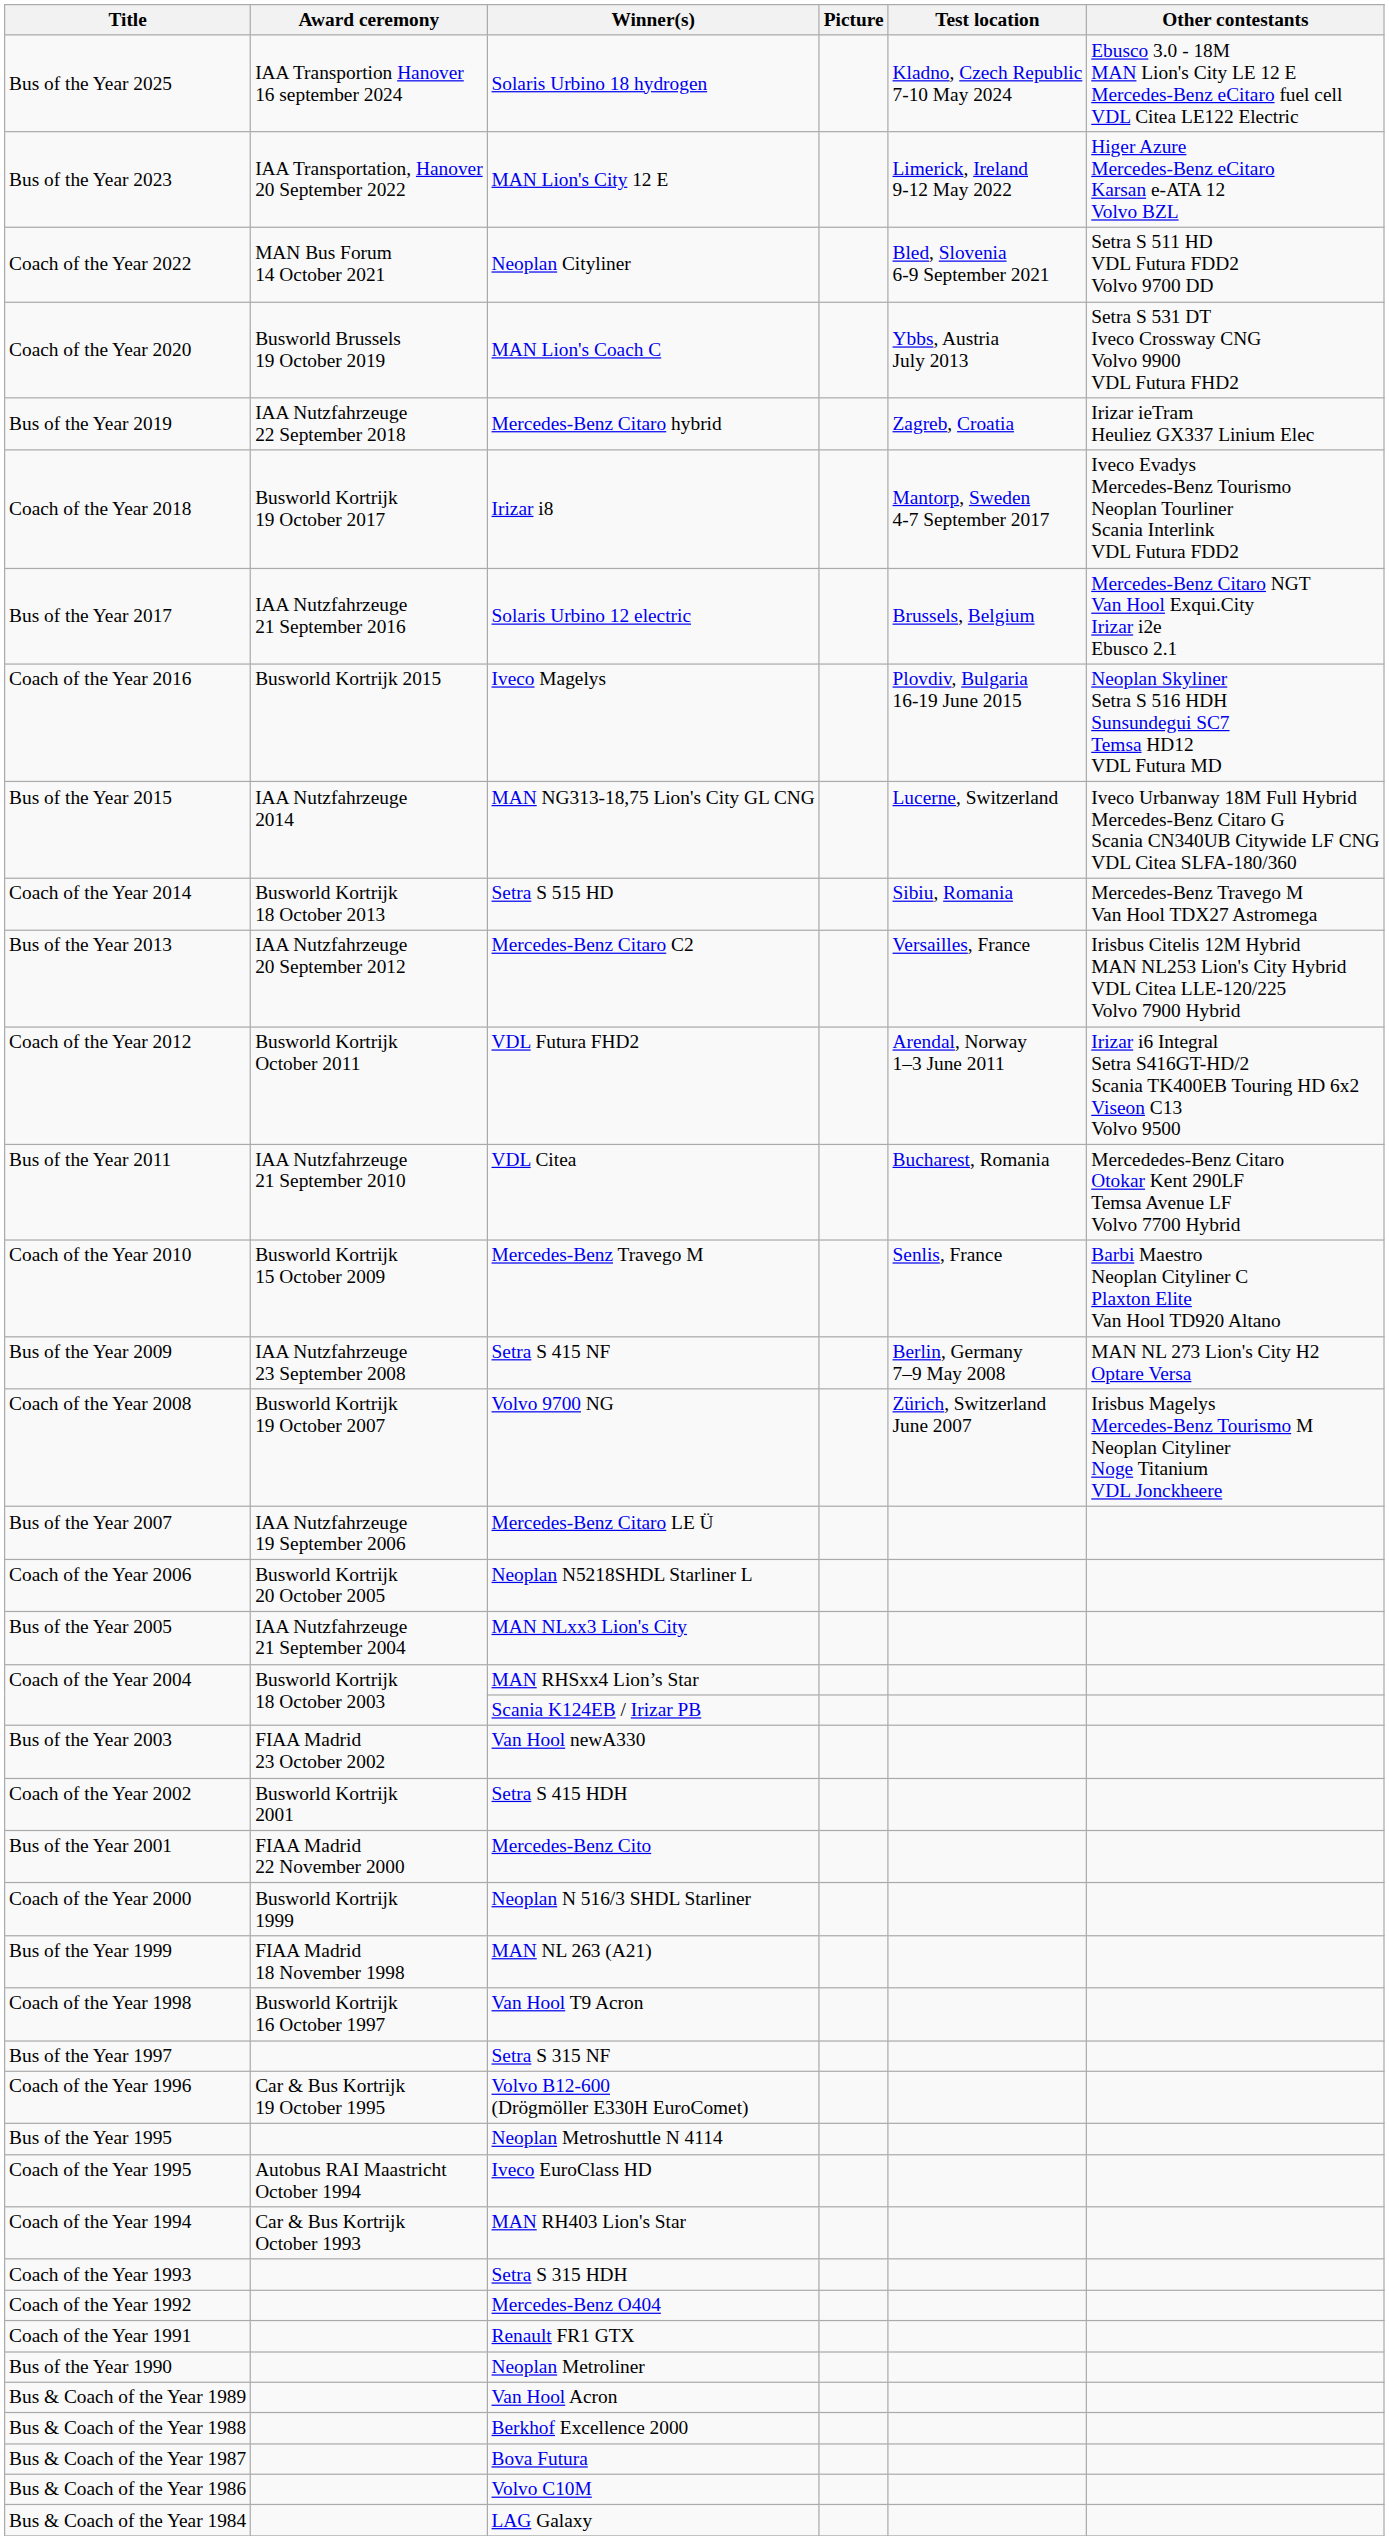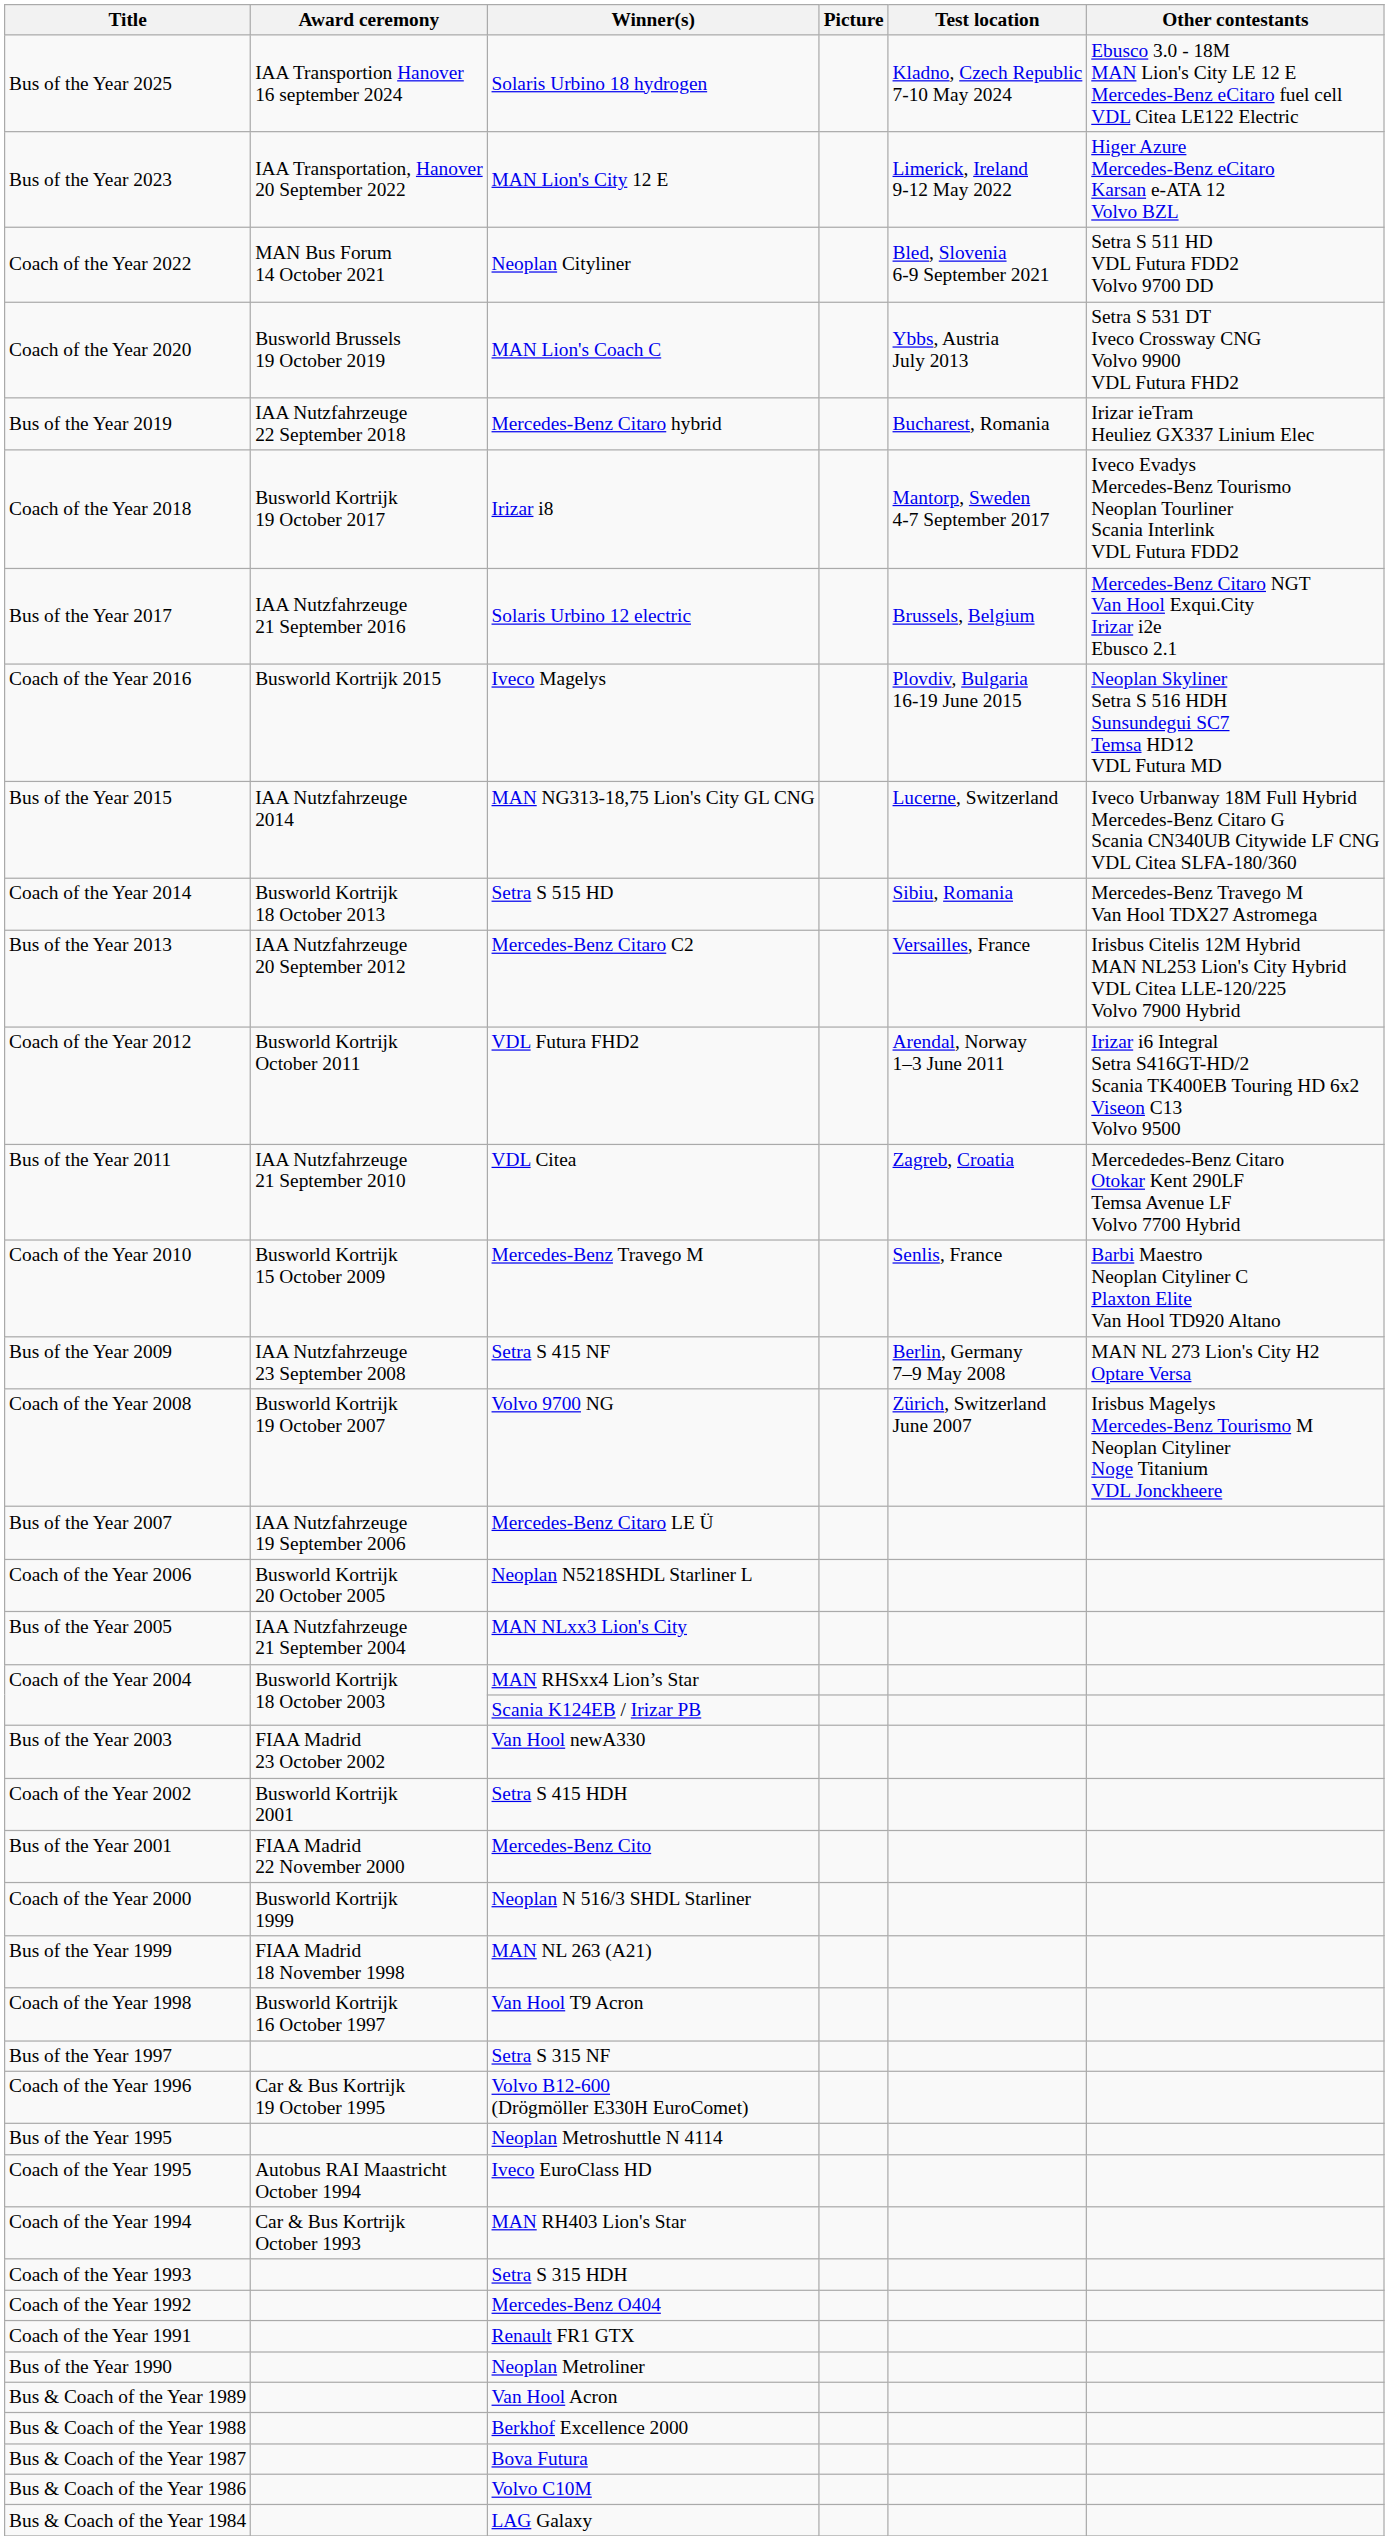 <table class="wikitable">
 <tr>
 <th>Title</th>
 <th>Award ceremony</th>
 <th>Winner(s)</th>
 <th>Picture</th>
 <th>Test location</th>
 <th>Other contestants</th>
 </tr>
 <tr>
 <td>Bus of the Year 2025</td>
 <td>IAA Transportion <a href='#'>Hanover</a><br>16 september  2024</td>
 <td><a href='#'>Solaris Urbino 18 hydrogen</a></td>
 <td></td>
 <td><a href='#'>Kladno</a>, <a href='#'>Czech Republic</a><br>7-10 May 2024</td>
 <td><a href='#'>Ebusco</a> 3.0 - 18M<br><a href='#'>MAN</a> Lion's City LE 12 E<br><a href='#'>Mercedes-Benz eCitaro</a>  fuel cell<br><a href='#'>VDL</a> Citea LE122 Electric</td>
 </tr>
 <tr>
 <td>Bus of the Year 2023</td>
 <td>IAA Transportation, <a href='#'>Hanover</a><br>20 September 2022</td>
 <td><a href='#'>MAN Lion's City</a> 12 E</td>
 <td></td>
 <td><a href='#'>Limerick</a>, <a href='#'>Ireland</a><br>9-12 May 2022</td>
 <td><a href='#'>Higer Azure</a><br><a href='#'>Mercedes-Benz eCitaro</a><br><a href='#'>Karsan</a> e-ATA 12<br><a href='#'>Volvo BZL</a></td>
 </tr>
 <tr>
 <td>Coach of the Year 2022</td>
 <td>MAN Bus Forum<br>14 October 2021</td>
 <td><a href='#'>Neoplan</a> Cityliner</td>
 <td></td>
 <td><a href='#'>Bled</a>, <a href='#'>Slovenia</a><br>6-9 September 2021</td>
 <td>Setra S 511 HD<br>VDL Futura FDD2<br>Volvo 9700 DD</td>
 </tr>
 <tr>
 <td>Coach of the Year 2020</td>
 <td>Busworld Brussels<br>19 October 2019</td>
 <td><a href='#'>MAN Lion's Coach C</a></td>
 <td></td>
 <td><a href='#'>Ybbs</a>, Austria<br>July 2013</td>
 <td>Setra S 531 DT<br>Iveco Crossway CNG<br>Volvo 9900<br>VDL Futura FHD2</td>
 </tr>
 <tr>
 <td>Bus of the Year 2019</td>
 <td>IAA Nutzfahrzeuge <br> 22 September 2018</td>
 <td><a href='#'>Mercedes-Benz Citaro</a> hybrid</td>
 <td></td>
-<td><a href='#'>Zagreb</a>, <a href='#'>Croatia</a></td>
+<td><a href='#'>Bucharest</a>, Romania</td>
 <td>Irizar ieTram <br> Heuliez GX337 Linium Elec</td>
 </tr>
 <tr>
 <td>Coach of the Year 2018</td>
 <td>Busworld Kortrijk <br> 19 October 2017</td>
 <td><a href='#'>Irizar</a> i8</td>
 <td></td>
 <td><a href='#'>Mantorp</a>, <a href='#'>Sweden</a> <br>4-7 September 2017</td>
 <td>Iveco Evadys <br>Mercedes-Benz Tourismo <br>Neoplan Tourliner <br>Scania Interlink <br>VDL Futura FDD2</td>
 </tr>
 <tr>
 <td>Bus of the Year 2017</td>
 <td>IAA Nutzfahrzeuge<br>21 September 2016</td>
 <td><a href='#'>Solaris Urbino 12 electric</a></td>
 <td></td>
 <td><a href='#'>Brussels</a>, <a href='#'>Belgium</a></td>
 <td><a href='#'>Mercedes-Benz Citaro</a> NGT<br><a href='#'>Van Hool</a> Exqui.City<br><a href='#'>Irizar</a> i2e<br>Ebusco 2.1</td>
 </tr>
 <tr valign="top">
 <td>Coach of the Year 2016</td>
 <td>Busworld Kortrijk 2015</td>
 <td><a href='#'>Iveco</a> Magelys</td>
 <td></td>
 <td><a href='#'>Plovdiv</a>, <a href='#'>Bulgaria</a><br>16-19 June 2015</td>
 <td><a href='#'>Neoplan Skyliner</a><br>Setra S 516 HDH<br><a href='#'>Sunsundegui SC7</a><br><a href='#'>Temsa</a> HD12<br>VDL Futura MD</td>
 </tr>
 <tr valign="top">
 <td>Bus of the Year 2015</td>
 <td>IAA Nutzfahrzeuge<br>2014</td>
 <td><a href='#'>MAN</a> NG313-18,75 Lion's City GL CNG</td>
 <td></td>
 <td><a href='#'>Lucerne</a>, Switzerland</td>
 <td>Iveco Urbanway 18M Full Hybrid<br>Mercedes-Benz Citaro G<br>Scania CN340UB Citywide LF CNG<br>VDL Citea SLFA-180/360</td>
 </tr>
 <tr valign="top">
 <td>Coach of the Year 2014</td>
 <td>Busworld Kortrijk<br>18 October 2013</td>
 <td><a href='#'>Setra</a> S 515 HD</td>
 <td></td>
 <td><a href='#'>Sibiu</a>, <a href='#'>Romania</a></td>
 <td>Mercedes-Benz Travego M<br>Van Hool TDX27 Astromega</td>
 </tr>
 <tr valign="top">
 <td>Bus of the Year 2013</td>
 <td>IAA Nutzfahrzeuge<br>20 September 2012</td>
 <td><a href='#'>Mercedes-Benz Citaro</a> C2</td>
 <td></td>
 <td><a href='#'>Versailles</a>, France</td>
 <td>Irisbus Citelis 12M Hybrid<br>MAN NL253 Lion's City Hybrid<br>VDL Citea LLE-120/225<br>Volvo 7900 Hybrid</td>
 </tr>
 <tr valign="top">
 <td>Coach of the Year 2012</td>
 <td>Busworld Kortrijk<br>October 2011</td>
 <td><a href='#'>VDL</a> Futura FHD2</td>
 <td></td>
 <td><a href='#'>Arendal</a>, Norway<br>1–3 June 2011</td>
 <td><a href='#'>Irizar</a> i6 Integral<br>Setra S416GT-HD/2<br>Scania TK400EB Touring HD 6x2<br><a href='#'>Viseon</a> C13<br>Volvo 9500</td>
 </tr>
 <tr valign="top">
 <td>Bus of the Year 2011</td>
 <td>IAA Nutzfahrzeuge<br>21 September 2010</td>
 <td><a href='#'>VDL</a> Citea</td>
 <td></td>
-<td><a href='#'>Bucharest</a>, Romania</td>
+<td><a href='#'>Zagreb</a>, <a href='#'>Croatia</a></td>
 <td>Mercededes-Benz Citaro<br><a href='#'>Otokar</a> Kent 290LF<br>Temsa Avenue LF<br>Volvo 7700 Hybrid</td>
 </tr>
 <tr valign="top">
 <td>Coach of the Year 2010</td>
 <td>Busworld Kortrijk<br>15 October 2009</td>
 <td><a href='#'>Mercedes-Benz</a> Travego M</td>
 <td></td>
 <td><a href='#'>Senlis</a>, France</td>
 <td><a href='#'>Barbi</a> Maestro<br>Neoplan Cityliner C<br><a href='#'>Plaxton Elite</a><br>Van Hool TD920 Altano</td>
 </tr>
 <tr valign="top">
 <td>Bus of the Year 2009</td>
 <td>IAA Nutzfahrzeuge<br>23 September 2008</td>
 <td><a href='#'>Setra</a> S 415 NF</td>
 <td></td>
 <td><a href='#'>Berlin</a>, Germany<br>7–9 May 2008</td>
 <td>MAN NL 273 Lion's City H2<br><a href='#'>Optare Versa</a></td>
 </tr>
 <tr valign="top">
 <td>Coach of the Year 2008</td>
 <td>Busworld Kortrijk<br>19 October 2007</td>
 <td><a href='#'>Volvo 9700</a> NG</td>
 <td></td>
 <td><a href='#'>Zürich</a>, Switzerland<br>June 2007</td>
 <td>Irisbus Magelys<br><a href='#'>Mercedes-Benz Tourismo</a> M<br>Neoplan Cityliner<br><a href='#'>Noge</a> Titanium<br><a href='#'>VDL Jonckheere</a></td>
 </tr>
 <tr valign="top">
 <td>Bus of the Year 2007</td>
 <td>IAA Nutzfahrzeuge<br>19 September 2006</td>
 <td><a href='#'>Mercedes-Benz Citaro</a> LE Ü</td>
 <td></td>
 <td></td>
 <td></td>
 </tr>
 <tr valign="top">
 <td>Coach of the Year 2006</td>
 <td>Busworld Kortrijk<br>20 October 2005</td>
 <td><a href='#'>Neoplan</a> N5218SHDL Starliner L</td>
 <td></td>
 <td></td>
 <td></td>
 </tr>
 <tr valign="top">
 <td>Bus of the Year 2005</td>
 <td>IAA Nutzfahrzeuge<br>21 September 2004</td>
 <td><a href='#'>MAN NLxx3 Lion's City</a></td>
 <td></td>
 <td></td>
 <td></td>
 </tr>
 <tr valign="top">
 <td rowspan="2">Coach of the Year 2004</td>
 <td rowspan="2">Busworld Kortrijk<br>18 October 2003</td>
 <td><a href='#'>MAN</a> RHSxx4 Lion’s Star</td>
 <td></td>
 <td></td>
 <td></td>
 </tr>
 <tr valign="top">
 <td><a href='#'>Scania K124EB</a> / <a href='#'>Irizar PB</a></td>
 <td></td>
 <td></td>
 <td></td>
 </tr>
 <tr valign="top">
 <td>Bus of the Year 2003</td>
 <td>FIAA Madrid<br>23 October 2002</td>
 <td><a href='#'>Van Hool</a> newA330</td>
 <td></td>
 <td></td>
 <td></td>
 </tr>
 <tr valign="top">
 <td>Coach of the Year 2002</td>
 <td>Busworld Kortrijk<br>2001</td>
 <td><a href='#'>Setra</a> S 415 HDH</td>
 <td></td>
 <td></td>
 <td></td>
 </tr>
 <tr valign="top">
 <td>Bus of the Year 2001</td>
 <td>FIAA Madrid<br>22 November 2000</td>
 <td><a href='#'>Mercedes-Benz Cito</a></td>
 <td></td>
 <td></td>
 <td></td>
 </tr>
 <tr valign="top">
 <td>Coach of the Year 2000</td>
 <td>Busworld Kortrijk<br>1999</td>
 <td><a href='#'>Neoplan</a> N 516/3 SHDL Starliner</td>
 <td></td>
 <td></td>
 <td></td>
 </tr>
 <tr valign="top">
 <td>Bus of the Year 1999</td>
 <td>FIAA Madrid<br>18 November 1998</td>
 <td><a href='#'>MAN</a> NL 263 (A21)</td>
 <td></td>
 <td></td>
 <td></td>
 </tr>
 <tr valign="top">
 <td>Coach of the Year 1998</td>
 <td>Busworld Kortrijk<br>16 October 1997</td>
 <td><a href='#'>Van Hool</a> T9 Acron</td>
 <td></td>
 <td></td>
 <td></td>
 </tr>
 <tr valign="top">
 <td>Bus of the Year 1997</td>
 <td></td>
 <td><a href='#'>Setra</a> S 315 NF</td>
 <td></td>
 <td></td>
 <td></td>
 </tr>
 <tr valign="top">
 <td>Coach of the Year 1996</td>
 <td>Car & Bus Kortrijk <br>19 October 1995</td>
 <td><a href='#'>Volvo B12-600</a><br>(Drögmöller E330H EuroComet)</td>
 <td></td>
 <td></td>
 <td></td>
 </tr>
 <tr valign="top">
 <td>Bus of the Year 1995</td>
 <td></td>
 <td><a href='#'>Neoplan</a> Metroshuttle N 4114</td>
 <td></td>
 <td></td>
 <td></td>
 </tr>
 <tr valign="top">
 <td>Coach of the Year 1995</td>
 <td>Autobus RAI Maastricht <br>October 1994</td>
 <td><a href='#'>Iveco</a> EuroClass HD</td>
 <td></td>
 <td></td>
 <td></td>
 </tr>
 <tr valign="top">
 <td>Coach of the Year 1994</td>
 <td>Car & Bus Kortrijk <br>October 1993</td>
 <td><a href='#'>MAN</a> RH403 Lion's Star</td>
 <td></td>
 <td></td>
 <td></td>
 </tr>
 <tr valign="top">
 <td>Coach of the Year 1993</td>
 <td></td>
 <td><a href='#'>Setra</a> S 315 HDH</td>
 <td></td>
 <td></td>
 <td></td>
 </tr>
 <tr valign="top">
 <td>Coach of the Year 1992</td>
 <td></td>
 <td><a href='#'>Mercedes-Benz O404</a></td>
 <td></td>
 <td></td>
 <td></td>
 </tr>
 <tr valign="top">
 <td>Coach of the Year 1991</td>
 <td></td>
 <td><a href='#'>Renault</a> FR1 GTX</td>
 <td></td>
 <td></td>
 <td></td>
 </tr>
 <tr valign="top">
 <td>Bus of the Year 1990</td>
 <td></td>
 <td><a href='#'>Neoplan</a> Metroliner</td>
 <td></td>
 <td></td>
 <td></td>
 </tr>
 <tr valign="top">
 <td>Bus & Coach of the Year 1989</td>
 <td></td>
 <td><a href='#'>Van Hool</a> Acron</td>
 <td></td>
 <td></td>
 <td></td>
 </tr>
 <tr valign="top">
 <td>Bus & Coach of the Year 1988</td>
 <td></td>
 <td><a href='#'>Berkhof</a> Excellence 2000</td>
 <td></td>
 <td></td>
 <td></td>
 </tr>
 <tr valign="top">
 <td>Bus & Coach of the Year 1987</td>
 <td></td>
 <td><a href='#'>Bova Futura</a></td>
 <td></td>
 <td></td>
 <td></td>
 </tr>
 <tr valign="top">
 <td>Bus & Coach of the Year 1986</td>
 <td></td>
 <td><a href='#'>Volvo C10M</a></td>
 <td></td>
 <td></td>
 <td></td>
 </tr>
 <tr valign="top">
 <td>Bus & Coach of the Year 1984</td>
 <td></td>
 <td><a href='#'>LAG</a> Galaxy</td>
 <td></td>
 <td></td>
 <td></td>
 </tr>
 </table>
